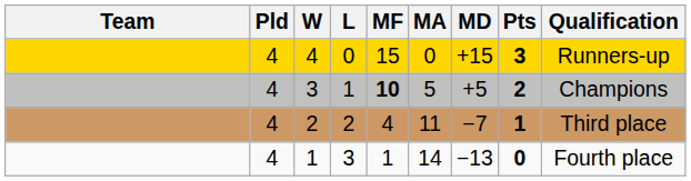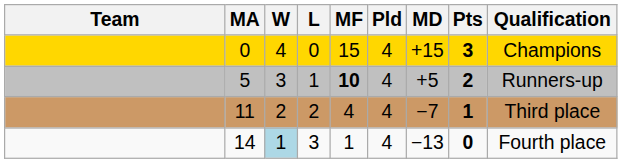 <table class="wikitable" style="text-align:center">
 <tr>
 <th width="175">Team</th>
-<th width="20">Pld</th>
+<th width="20">MA</th>
 <th width="20">W</th>
 <th width="20">L</th>
 <th width="20">MF</th>
-<th width="20">MA</th>
+<th width="20">Pld</th>
 <th width="20">MD</th>
 <th width="20">Pts</th>
 <th width="100">Qualification</th>
 </tr>
 <tr bgcolor="gold">
 <td align="left"></td>
-<td>4</td>
+<td>0</td>
 <td>4</td>
 <td>0</td>
 <td>15</td>
-<td>0</td>
+<td>4</td>
 <td>+15</td>
 <td><strong>3</strong></td>
-<td>Runners-up</td>
+<td>Champions</td>
 </tr>
 <tr bgcolor="silver">
 <td align="left"></td>
-<td>4</td>
+<td>5</td>
 <td>3</td>
 <td>1</td>
 <td><strong>10</strong></td>
-<td>5</td>
+<td>4</td>
 <td>+5</td>
 <td><strong>2</strong></td>
-<td>Champions</td>
+<td>Runners-up</td>
 </tr>
 <tr bgcolor="cc9966">
 <td align="left"></td>
-<td>4</td>
+<td>11</td>
 <td>2</td>
 <td>2</td>
 <td>4</td>
-<td>11</td>
+<td>4</td>
 <td>−7</td>
 <td><strong>1</strong></td>
 <td>Third place</td>
 </tr>
 <tr>
 <td align="left"></td>
-<td>4</td>
-<td>1</td>
+<td>14</td>
+<td style="background: lightblue;">1</td>
 <td>3</td>
 <td>1</td>
-<td>14</td>
+<td>4</td>
 <td>−13</td>
 <td><strong>0</strong></td>
 <td>Fourth place</td>
 </tr>
 </table>
